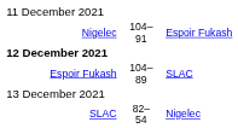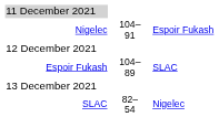 <table style="width:100%;" cellspacing="1">
 <tr>
 <th width=25%></th>
 <th width=2%></th>
 <th width=6%></th>
 <th width=2%></th>
 <th width=25%></th>
 </tr>
 <tr>
-<td>11 December 2021</td>
+<td style="background: lightgrey;">11 December 2021</td>
 </tr>
 <tr style=font-size:90%>
 <td align=right><a href='#'>Nigelec</a> </td>
 <td></td>
 <td align=center>104–91</td>
 <td></td>
 <td> <a href='#'>Espoir Fukash</a></td>
 <td></td>
 </tr>
 <tr>
-<td><strong>12 December 2021</strong></td>
+<td>12 December 2021</td>
 </tr>
 <tr style=font-size:90%>
 <td align=right><a href='#'>Espoir Fukash</a> </td>
 <td></td>
 <td align=center>104–89</td>
 <td></td>
 <td> <a href='#'>SLAC</a></td>
 <td></td>
 </tr>
 <tr>
 <td>13 December 2021</td>
 </tr>
 <tr style=font-size:90%>
 <td align=right><a href='#'>SLAC</a> </td>
 <td></td>
 <td align=center>82–54</td>
 <td></td>
 <td> <a href='#'>Nigelec</a></td>
 <td></td>
 </tr>
 <tr>
 </tr>
 <tr>
 </tr>
 </table>
